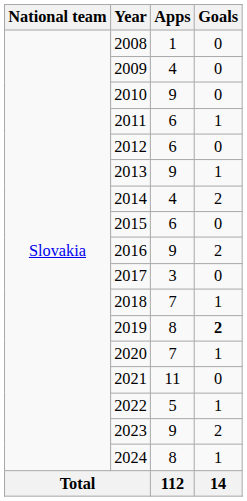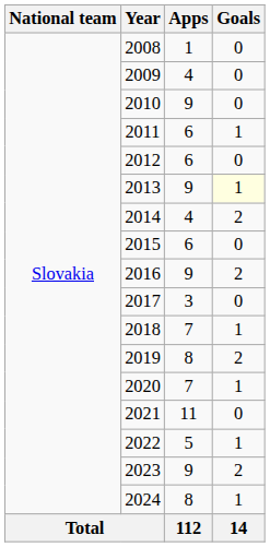 <table class="wikitable" style="text-align:center">
 <tr>
 <th>National team</th>
 <th>Year</th>
 <th>Apps</th>
 <th>Goals</th>
 </tr>
 <tr>
 <td rowspan="17"><a href='#'>Slovakia</a></td>
 <td>2008</td>
 <td>1</td>
 <td>0</td>
 </tr>
 <tr>
 <td>2009</td>
 <td>4</td>
 <td>0</td>
 </tr>
 <tr>
 <td>2010</td>
 <td>9</td>
 <td>0</td>
 </tr>
 <tr>
 <td>2011</td>
 <td>6</td>
 <td>1</td>
 </tr>
 <tr>
 <td>2012</td>
 <td>6</td>
 <td>0</td>
 </tr>
 <tr>
 <td>2013</td>
 <td>9</td>
-<td>1</td>
+<td style="background: lightyellow;">1</td>
 </tr>
 <tr>
 <td>2014</td>
 <td>4</td>
 <td>2</td>
 </tr>
 <tr>
 <td>2015</td>
 <td>6</td>
 <td>0</td>
 </tr>
 <tr>
 <td>2016</td>
 <td>9</td>
 <td>2</td>
 </tr>
 <tr>
 <td>2017</td>
 <td>3</td>
 <td>0</td>
 </tr>
 <tr>
 <td>2018</td>
 <td>7</td>
 <td>1</td>
 </tr>
 <tr>
 <td>2019</td>
 <td>8</td>
-<td><strong>2</strong></td>
+<td>2</td>
 </tr>
 <tr>
 <td>2020</td>
 <td>7</td>
 <td>1</td>
 </tr>
 <tr>
 <td>2021</td>
 <td>11</td>
 <td>0</td>
 </tr>
 <tr>
 <td>2022</td>
 <td>5</td>
 <td>1</td>
 </tr>
 <tr>
 <td>2023</td>
 <td>9</td>
 <td>2</td>
 </tr>
 <tr>
 <td>2024</td>
 <td>8</td>
 <td>1</td>
 </tr>
 <tr>
 <th colspan="2">Total</th>
 <th>112</th>
 <th>14</th>
 </tr>
 </table>
